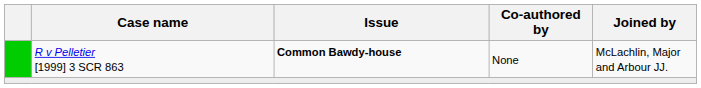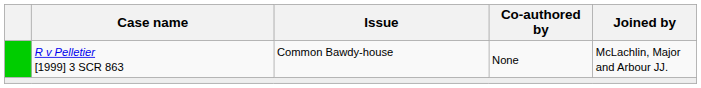 <table class="wikitable" width=825>
 <tr bgcolor="#CCCCCC">
 <th width=25px></th>
 <th width=35%>Case name</th>
 <th>Issue</th>
 <th width=15%>Co-authored by</th>
 <th width=15%>Joined by</th>
 </tr>
 <tr>
 <td align=center bgcolor="00cd00"></td>
 <td align=left valign=top><small><em><a href='#'>R v Pelletier</a></em><br> [1999] 3 SCR 863 </small></td>
-<td valign=top><strong><small>Common Bawdy-house</small></strong></td>
+<td valign=top><small>Common Bawdy-house</small></td>
 <td><small> None</small></td>
 <td><small> McLachlin, Major and Arbour JJ.</small></td>
 </tr>
 <tr>
 <td bgcolor=#EEEEEE colspan=5 valign=top><small></small></td>
 </tr>
 </table>
